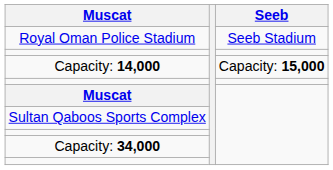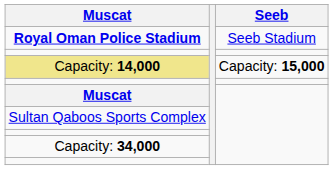 <table class="wikitable" style="margin:1em auto; text-align:center">
 <tr>
 <th><a href='#'>Muscat</a></th>
 <th rowspan=10></th>
 <th><a href='#'>Seeb</a></th>
 </tr>
 <tr>
-<td><a href='#'>Royal Oman Police Stadium</a></td>
+<td><strong><a href='#'>Royal Oman Police Stadium</a></strong></td>
 <td><a href='#'>Seeb Stadium</a></td>
 </tr>
 <tr>
 <td><small></small></td>
 <td><small></small></td>
 </tr>
 <tr>
-<td>Capacity: <strong>14,000</strong></td>
+<td style="background: khaki;">Capacity: <strong>14,000</strong></td>
 <td>Capacity: <strong>15,000</strong></td>
 </tr>
 <tr>
 <td></td>
 <td></td>
 </tr>
 <tr>
 <th><a href='#'>Muscat</a></th>
 </tr>
 <tr>
 <td><a href='#'>Sultan Qaboos Sports Complex</a></td>
 </tr>
 <tr>
 <td><small></small></td>
 </tr>
 <tr>
 <td>Capacity: <strong>34,000</strong></td>
 </tr>
 <tr>
 <td></td>
 </tr>
 </table>
